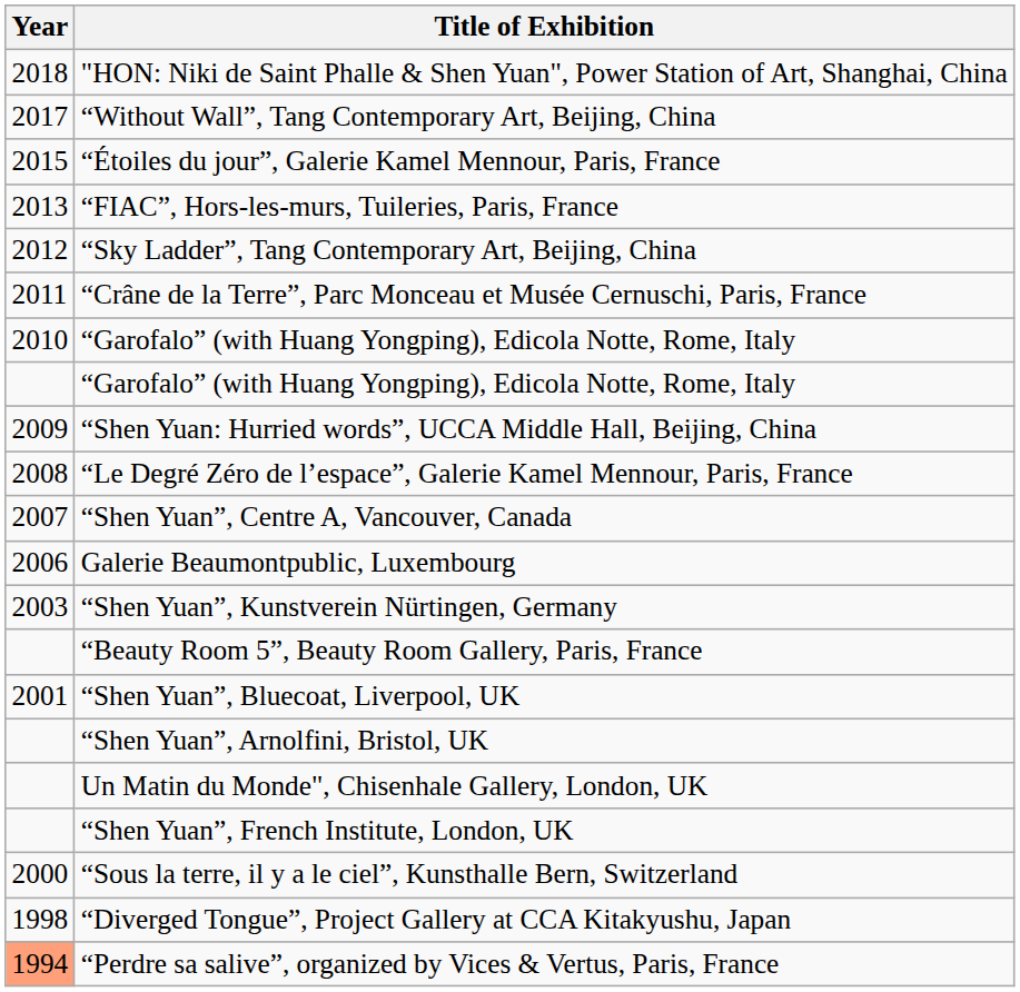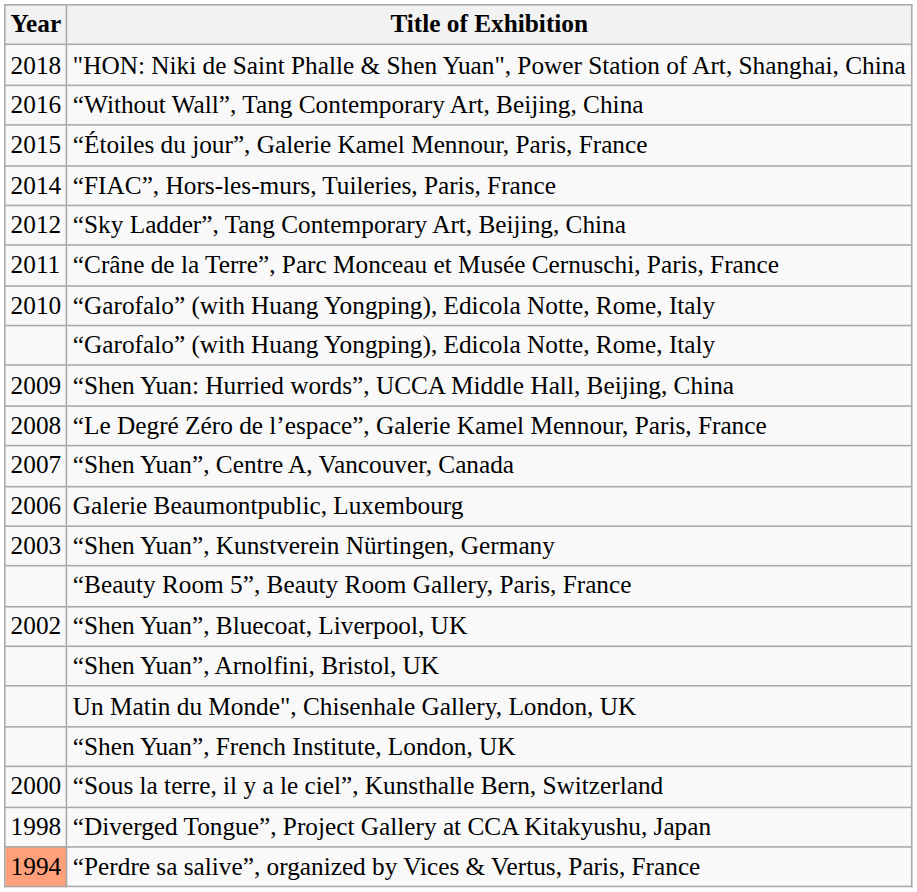 <table class="wikitable">
 <tr>
 <th>Year</th>
 <th>Title of Exhibition</th>
 </tr>
 <tr>
 <td>2018</td>
 <td>"HON: Niki de Saint Phalle & Shen Yuan", Power Station of Art, Shanghai, China</td>
 </tr>
 <tr>
-<td>2017</td>
+<td>2016</td>
 <td>“Without Wall”, Tang Contemporary Art, Beijing, China</td>
 </tr>
 <tr>
 <td>2015</td>
 <td>“Étoiles du jour”, Galerie Kamel Mennour, Paris, France</td>
 </tr>
 <tr>
-<td>2013</td>
+<td>2014</td>
 <td>“FIAC”, Hors-les-murs, Tuileries, Paris, France</td>
 </tr>
 <tr>
 <td>2012</td>
 <td>“Sky Ladder”, Tang Contemporary Art, Beijing, China</td>
 </tr>
 <tr>
 <td>2011</td>
 <td>“Crâne de la Terre”, Parc Monceau et Musée Cernuschi, Paris, France</td>
 </tr>
 <tr>
 <td>2010</td>
 <td>“Garofalo” (with Huang Yongping), Edicola Notte, Rome, Italy</td>
 </tr>
 <tr>
 <td></td>
 <td>“Garofalo” (with Huang Yongping), Edicola Notte, Rome, Italy</td>
 </tr>
 <tr>
 <td>2009</td>
 <td>“Shen Yuan: Hurried words”, UCCA Middle Hall, Beijing, China</td>
 </tr>
 <tr>
 <td>2008</td>
 <td>“Le Degré Zéro de l’espace”, Galerie Kamel Mennour, Paris, France</td>
 </tr>
 <tr>
 <td>2007</td>
 <td>“Shen Yuan”, Centre A, Vancouver, Canada</td>
 </tr>
 <tr>
 <td>2006</td>
 <td>Galerie Beaumontpublic, Luxembourg</td>
 </tr>
 <tr>
 <td>2003</td>
 <td>“Shen Yuan”, Kunstverein Nürtingen, Germany</td>
 </tr>
 <tr>
 <td></td>
 <td>“Beauty Room 5”, Beauty Room Gallery, Paris, France</td>
 </tr>
 <tr>
-<td>2001</td>
+<td>2002</td>
 <td>“Shen Yuan”, Bluecoat, Liverpool, UK</td>
 </tr>
 <tr>
 <td></td>
 <td>“Shen Yuan”, Arnolfini, Bristol, UK</td>
 </tr>
 <tr>
 <td></td>
 <td>Un Matin du Monde", Chisenhale Gallery, London, UK</td>
 </tr>
 <tr>
 <td></td>
 <td>“Shen Yuan”, French Institute, London, UK</td>
 </tr>
 <tr>
 <td>2000</td>
 <td>“Sous la terre, il y a le ciel”, Kunsthalle Bern, Switzerland</td>
 </tr>
 <tr>
 <td>1998</td>
 <td>“Diverged Tongue”, Project Gallery at CCA Kitakyushu, Japan</td>
 </tr>
 <tr>
 <td style="background: lightsalmon;">1994</td>
 <td>“Perdre sa salive”, organized by Vices & Vertus, Paris, France</td>
 </tr>
 </table>
